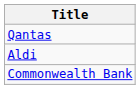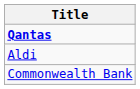 <table class="wikitable">
 <tr>
 <th>Title</th>
 </tr>
 <tr>
-<td><a href='#'>Qantas</a></td>
+<td><strong><a href='#'>Qantas</a></strong></td>
 </tr>
 <tr>
 <td><a href='#'>Aldi</a></td>
 </tr>
 <tr>
 <td><a href='#'>Commonwealth Bank</a></td>
 </tr>
 </table>
